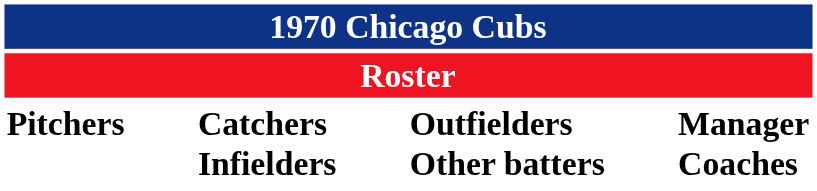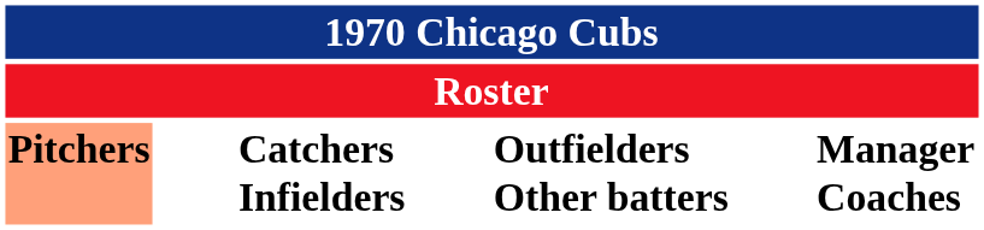 <table class="toccolours" style="font-size: 95%;">
 <tr>
 <th colspan="10" style="background-color: #0e3386; color: white; text-align: center;">1970 Chicago Cubs</th>
 </tr>
 <tr>
 <td colspan="10" style="background-color: #EE1422; color: white; text-align: center;"><strong>Roster</strong></td>
 </tr>
 <tr>
-<td valign="top"><strong>Pitchers</strong><br>                 </td>
+<td valign="top" style="background: lightsalmon;"><strong>Pitchers</strong><br>                 </td>
 <td width="25px"></td>
 <td valign="top"><strong>Catchers</strong><br>    <strong>Infielders</strong>         </td>
 <td width="25px"></td>
 <td valign="top"><strong>Outfielders</strong><br>          <strong>Other batters</strong>  </td>
 <td width="25px"></td>
 <td valign="top"><strong>Manager</strong><br> <strong>Coaches</strong>     </td>
 </tr>
 <tr>
 </tr>
 </table>
